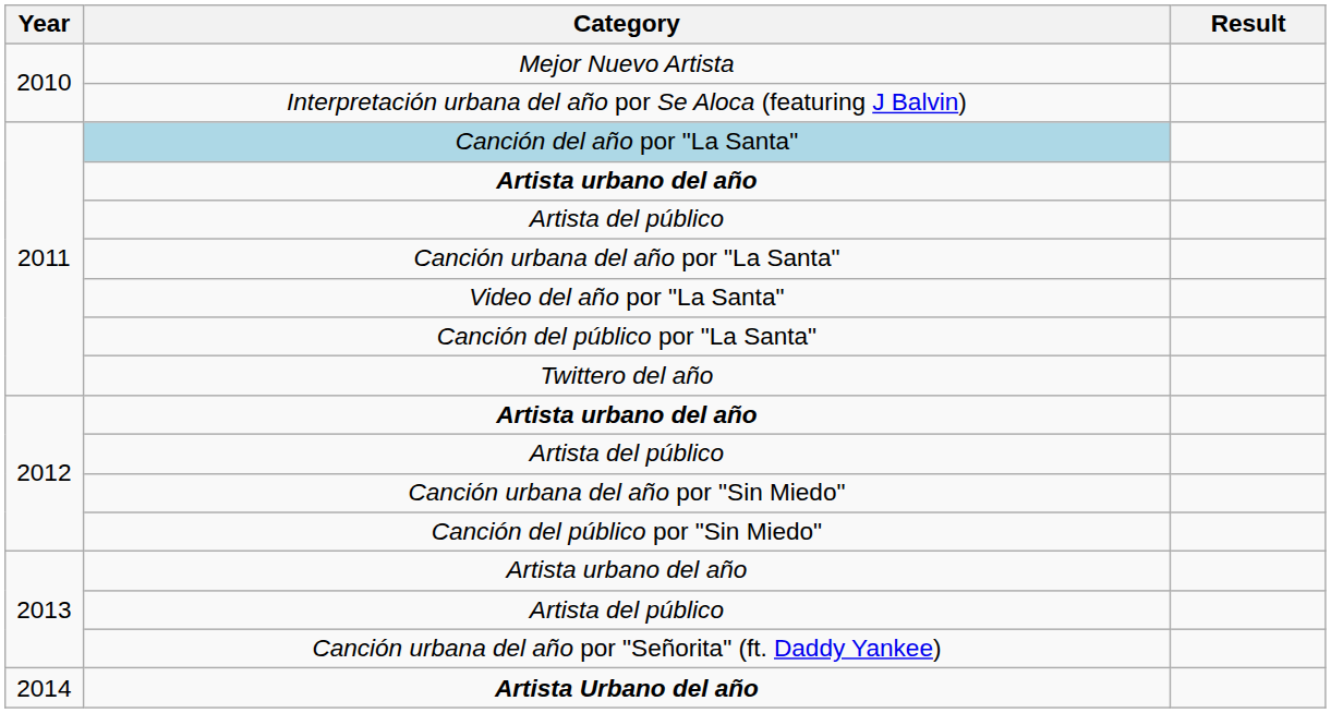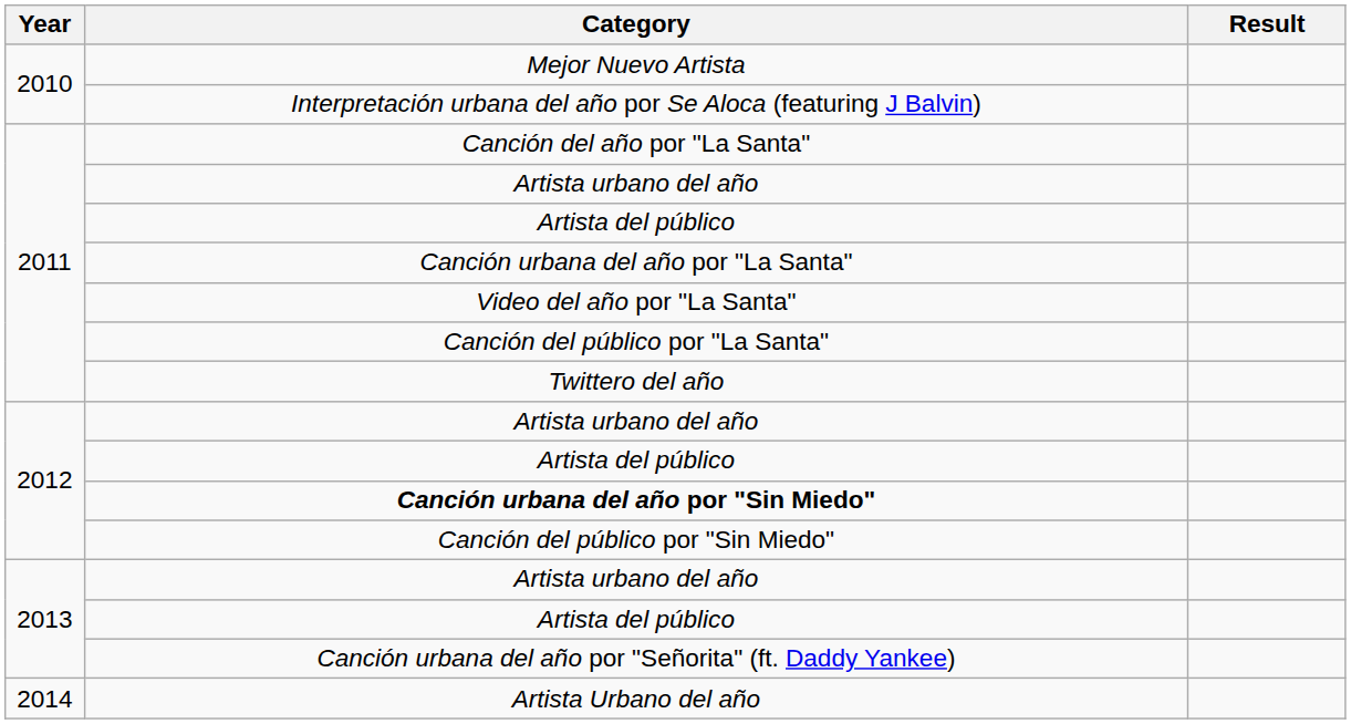 <table class="wikitable" style="table-layout: fixed;">
 <tr>
 <th width="5%">Year</th>
 <th width="70%">Category</th>
 <th width="10%">Result</th>
 </tr>
 <tr>
 <td rowspan="2" align=center>2010</td>
 <td align=center><em>Mejor Nuevo Artista</em></td>
 <td></td>
 </tr>
 <tr>
 <td align=center><em>Interpretación urbana del año</em> por <em>Se Aloca</em> (featuring <a href='#'>J Balvin</a>)</td>
 <td></td>
 </tr>
 <tr>
 <td rowspan="7" align=center>2011</td>
-<td align=center style="background: lightblue;"><em>Canción del año</em> por "La Santa"</td>
+<td align=center><em>Canción del año</em> por "La Santa"</td>
 <td></td>
 </tr>
 <tr>
-<td align=center><strong><em>Artista urbano del año</em></strong></td>
+<td align=center><em>Artista urbano del año</em></td>
 <td></td>
 </tr>
 <tr>
 <td align=center><em>Artista del público</em></td>
 <td></td>
 </tr>
 <tr>
 <td align=center><em>Canción urbana del año</em> por "La Santa"</td>
 <td></td>
 </tr>
 <tr>
 <td align=center><em>Video del año</em> por "La Santa"</td>
 <td></td>
 </tr>
 <tr>
 <td align=center><em>Canción del público</em> por "La Santa"</td>
 <td></td>
 </tr>
 <tr>
 <td align=center><em>Twittero del año</em></td>
 <td></td>
 </tr>
 <tr>
 <td rowspan="4" align=center>2012</td>
-<td align=center><strong><em>Artista urbano del año</em></strong></td>
+<td align=center><em>Artista urbano del año</em></td>
 <td></td>
 </tr>
 <tr>
 <td align=center><em>Artista del público</em></td>
 <td></td>
 </tr>
 <tr>
-<td align=center><em>Canción urbana del año</em> por "Sin Miedo"</td>
+<td align=center><strong><em>Canción urbana del año</em> por "Sin Miedo"</strong></td>
 <td></td>
 </tr>
 <tr>
 <td align=center><em>Canción del público</em> por "Sin Miedo"</td>
 <td></td>
 </tr>
 <tr>
 <td rowspan="3" align=center>2013</td>
 <td align=center><em>Artista urbano del año</em></td>
 <td></td>
 </tr>
 <tr>
 <td align=center><em>Artista del público</em></td>
 <td></td>
 </tr>
 <tr>
 <td align=center><em>Canción urbana del año</em> por "Señorita" (ft. <a href='#'>Daddy Yankee</a>)</td>
 <td></td>
 </tr>
 <tr>
 <td align=center>2014</td>
-<td align=center><strong><em>Artista Urbano del año</em></strong></td>
+<td align=center><em>Artista Urbano del año</em></td>
 <td></td>
 </tr>
 </table>
